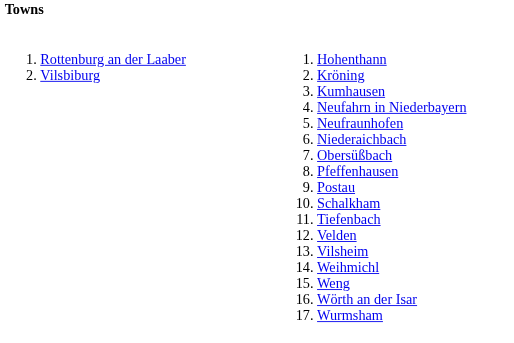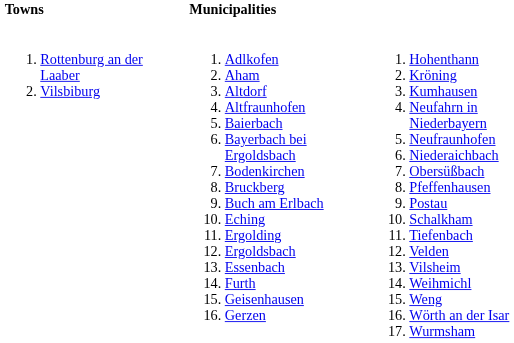 <table>
 <tr>
 <th align=left width=33%>Towns</th>
+<th align=left width=33%>Municipalities</th>
 <th align=left width=33%></th>
 </tr>
 <tr valign=top>
 <td><br><ol><li><a href='#'>Rottenburg an der Laaber</a></li><li><a href='#'>Vilsbiburg</a></li></ol></td>
+<td><br><ol><li><a href='#'>Adlkofen</a></li><li><a href='#'>Aham</a></li><li><a href='#'>Altdorf</a></li><li><a href='#'>Altfraunhofen</a></li><li><a href='#'>Baierbach</a></li><li><a href='#'>Bayerbach bei Ergoldsbach</a></li><li><a href='#'>Bodenkirchen</a></li><li><a href='#'>Bruckberg</a></li><li><a href='#'>Buch am Erlbach</a></li><li><a href='#'>Eching</a></li><li><a href='#'>Ergolding</a></li><li><a href='#'>Ergoldsbach</a></li><li><a href='#'>Essenbach</a></li><li><a href='#'>Furth</a></li><li><a href='#'>Geisenhausen</a></li><li><a href='#'>Gerzen</a></li></ol></td>
 <td><br><ol> <li><a href='#'>Hohenthann</a> <li><a href='#'>Kröning</a> <li><a href='#'>Kumhausen</a> <li><a href='#'>Neufahrn in Niederbayern</a> <li><a href='#'>Neufraunhofen</a> <li><a href='#'>Niederaichbach</a> <li><a href='#'>Obersüßbach</a> <li><a href='#'>Pfeffenhausen</a> <li><a href='#'>Postau</a> <li><a href='#'>Schalkham</a> <li><a href='#'>Tiefenbach</a> <li><a href='#'>Velden</a> <li><a href='#'>Vilsheim</a> <li><a href='#'>Weihmichl</a> <li><a href='#'>Weng</a> <li><a href='#'>Wörth an der Isar</a> <li><a href='#'>Wurmsham</a> </ol></td>
 </tr>
 </table>
